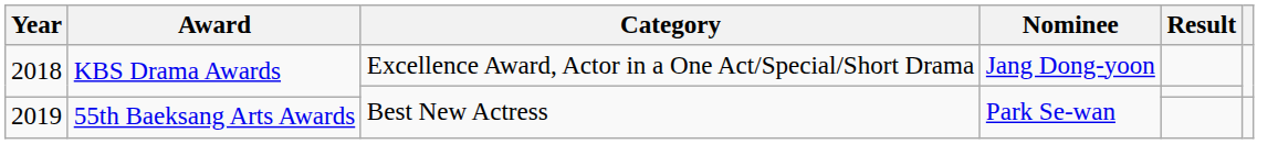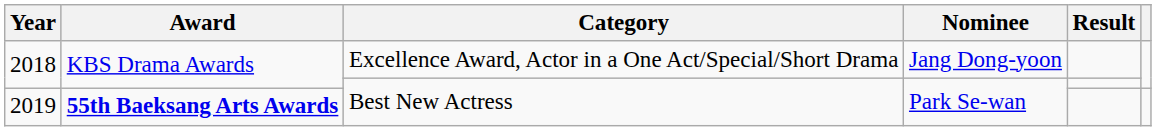 <table class="wikitable">
 <tr>
 <th>Year</th>
 <th>Award</th>
 <th>Category</th>
 <th>Nominee</th>
 <th>Result</th>
 <th></th>
 </tr>
 <tr>
 <td rowspan="2">2018</td>
 <td rowspan="2"><a href='#'>KBS Drama Awards</a></td>
 <td>Excellence Award, Actor in a One Act/Special/Short Drama</td>
 <td><a href='#'>Jang Dong-yoon</a></td>
 <td></td>
 <td rowspan="2"></td>
 </tr>
 <tr>
 <td rowspan="2">Best New Actress</td>
 <td rowspan="2"><a href='#'>Park Se-wan</a></td>
 <td></td>
 </tr>
 <tr>
 <td>2019</td>
-<td><a href='#'>55th Baeksang Arts Awards</a></td>
+<td><strong><a href='#'>55th Baeksang Arts Awards</a></strong></td>
 <td></td>
 <td></td>
 </tr>
 </table>
